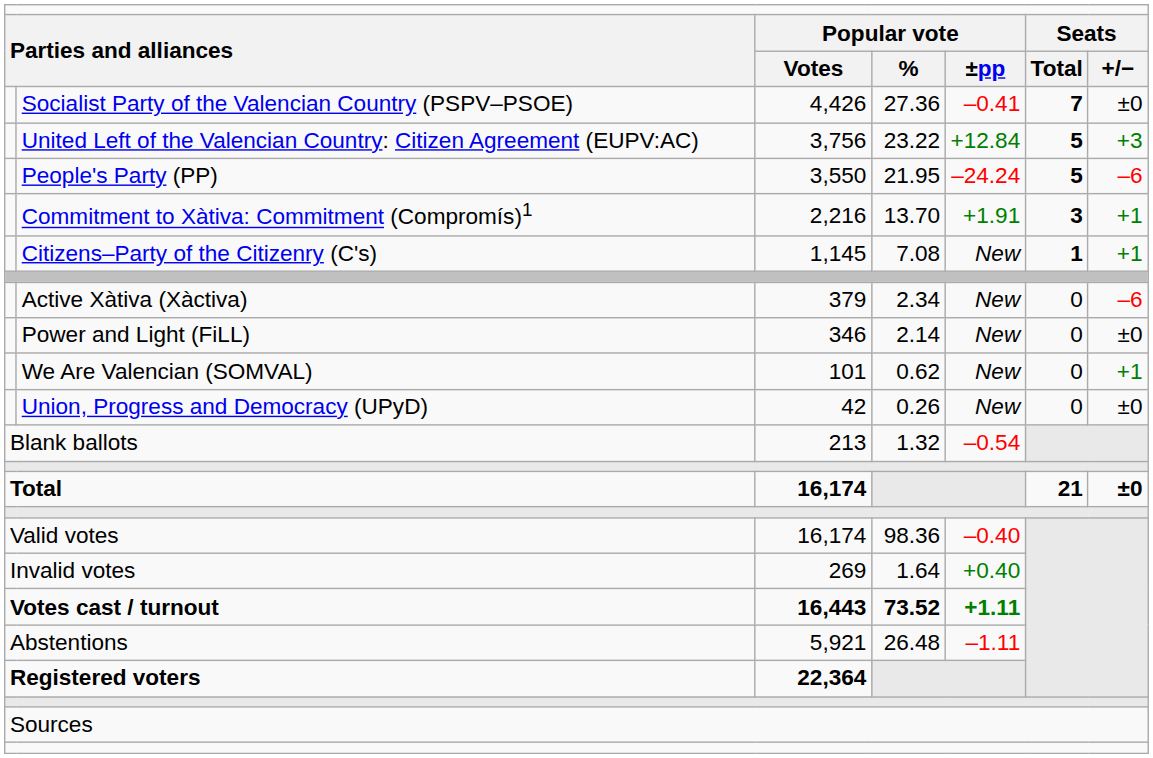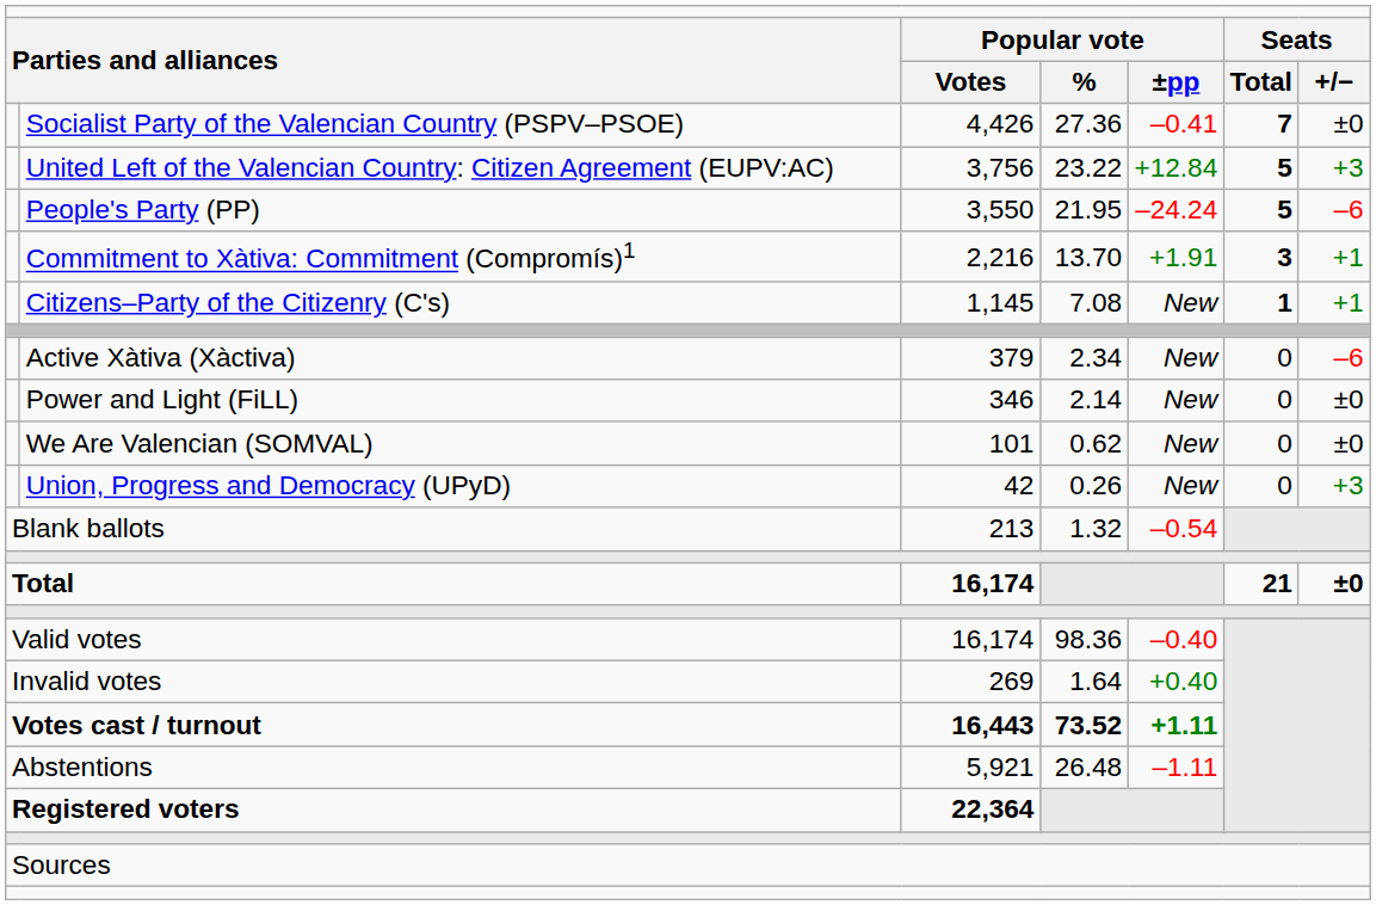 <table class="wikitable" style="text-align:right;">
 <tr>
 <td colspan="7"></td>
 </tr>
 <tr>
 <th style="text-align:left;" rowspan="2" colspan="2" width="525">Parties and alliances</th>
 <th colspan="3">Popular vote</th>
 <th colspan="2">Seats</th>
 </tr>
 <tr>
 <th width="75">Votes</th>
 <th width="45">%</th>
 <th width="45">±<a href='#'>pp</a></th>
 <th width="35">Total</th>
 <th width="35">+/−</th>
 </tr>
 <tr>
 <td width="1" style="color:inherit;background:"></td>
 <td align="left"><a href='#'>Socialist Party of the Valencian Country</a> (PSPV–PSOE)</td>
 <td>4,426</td>
 <td>27.36</td>
 <td style="color:red;">–0.41</td>
 <td><strong>7</strong></td>
 <td>±0</td>
 </tr>
 <tr>
 <td style="color:inherit;background:"></td>
 <td align="left"><a href='#'>United Left of the Valencian Country</a>: <a href='#'>Citizen Agreement</a> (EUPV:AC)</td>
 <td>3,756</td>
 <td>23.22</td>
 <td style="color:green;">+12.84</td>
 <td><strong>5</strong></td>
 <td style="color:green;">+3</td>
 </tr>
 <tr>
 <td style="color:inherit;background:"></td>
 <td align="left"><a href='#'>People's Party</a> (PP)</td>
 <td>3,550</td>
 <td>21.95</td>
 <td style="color:red;">–24.24</td>
 <td><strong>5</strong></td>
 <td style="color:red;">–6</td>
 </tr>
 <tr>
 <td style="color:inherit;background:"></td>
 <td align="left"><a href='#'>Commitment to Xàtiva: Commitment</a> (Compromís)<sup>1</sup></td>
 <td>2,216</td>
 <td>13.70</td>
 <td style="color:green;">+1.91</td>
 <td><strong>3</strong></td>
 <td style="color:green;">+1</td>
 </tr>
 <tr>
 <td style="color:inherit;background:"></td>
 <td align="left"><a href='#'>Citizens–Party of the Citizenry</a> (C's)</td>
 <td>1,145</td>
 <td>7.08</td>
 <td><em>New</em></td>
 <td><strong>1</strong></td>
 <td style="color:green;">+1</td>
 </tr>
 <tr>
 <td colspan="7" bgcolor="#C0C0C0"></td>
 </tr>
 <tr>
 <td style="color:inherit;background:"></td>
 <td align="left">Active Xàtiva (Xàctiva)</td>
 <td>379</td>
 <td>2.34</td>
 <td><em>New</em></td>
 <td>0</td>
 <td style="color:red;">–6</td>
 </tr>
 <tr>
 <td style="color:inherit;background:"></td>
 <td align="left">Power and Light (FiLL)</td>
 <td>346</td>
 <td>2.14</td>
 <td><em>New</em></td>
 <td>0</td>
 <td>±0</td>
 </tr>
 <tr>
 <td style="color:inherit;background:"></td>
 <td align="left">We Are Valencian (SOMVAL)</td>
 <td>101</td>
 <td>0.62</td>
 <td><em>New</em></td>
 <td>0</td>
-<td style="color:green;">+1</td>
+<td>±0</td>
 </tr>
 <tr>
 <td style="color:inherit;background:"></td>
 <td align="left"><a href='#'>Union, Progress and Democracy</a> (UPyD)</td>
 <td>42</td>
 <td>0.26</td>
 <td><em>New</em></td>
 <td>0</td>
-<td>±0</td>
+<td style="color:green;">+3</td>
 </tr>
 <tr>
 <td align="left" colspan="2">Blank ballots</td>
 <td>213</td>
 <td>1.32</td>
 <td style="color:red;">–0.54</td>
 <td bgcolor="#E9E9E9" colspan="2"></td>
 </tr>
 <tr>
 <td colspan="7" bgcolor="#E9E9E9"></td>
 </tr>
 <tr style="font-weight:bold;">
 <td align="left" colspan="2">Total</td>
 <td>16,174</td>
 <td bgcolor="#E9E9E9" colspan="2"></td>
 <td>21</td>
 <td>±0</td>
 </tr>
 <tr>
 <td colspan="7" bgcolor="#E9E9E9"></td>
 </tr>
 <tr>
 <td align="left" colspan="2">Valid votes</td>
 <td>16,174</td>
 <td>98.36</td>
 <td style="color:red;">–0.40</td>
 <td bgcolor="#E9E9E9" colspan="2" rowspan="5"></td>
 </tr>
 <tr>
 <td align="left" colspan="2">Invalid votes</td>
 <td>269</td>
 <td>1.64</td>
 <td style="color:green;">+0.40</td>
 </tr>
 <tr style="font-weight:bold;">
 <td align="left" colspan="2">Votes cast / turnout</td>
 <td>16,443</td>
 <td>73.52</td>
 <td style="color:green;">+1.11</td>
 </tr>
 <tr>
 <td align="left" colspan="2">Abstentions</td>
 <td>5,921</td>
 <td>26.48</td>
 <td style="color:red;">–1.11</td>
 </tr>
 <tr style="font-weight:bold;">
 <td align="left" colspan="2">Registered voters</td>
 <td>22,364</td>
 <td bgcolor="#E9E9E9" colspan="2"></td>
 </tr>
 <tr>
 <td colspan="7" bgcolor="#E9E9E9"></td>
 </tr>
 <tr>
 <td align="left" colspan="7">Sources</td>
 </tr>
 <tr>
 <td colspan="7" style="text-align:left; max-width:790px;"></td>
 </tr>
 </table>
